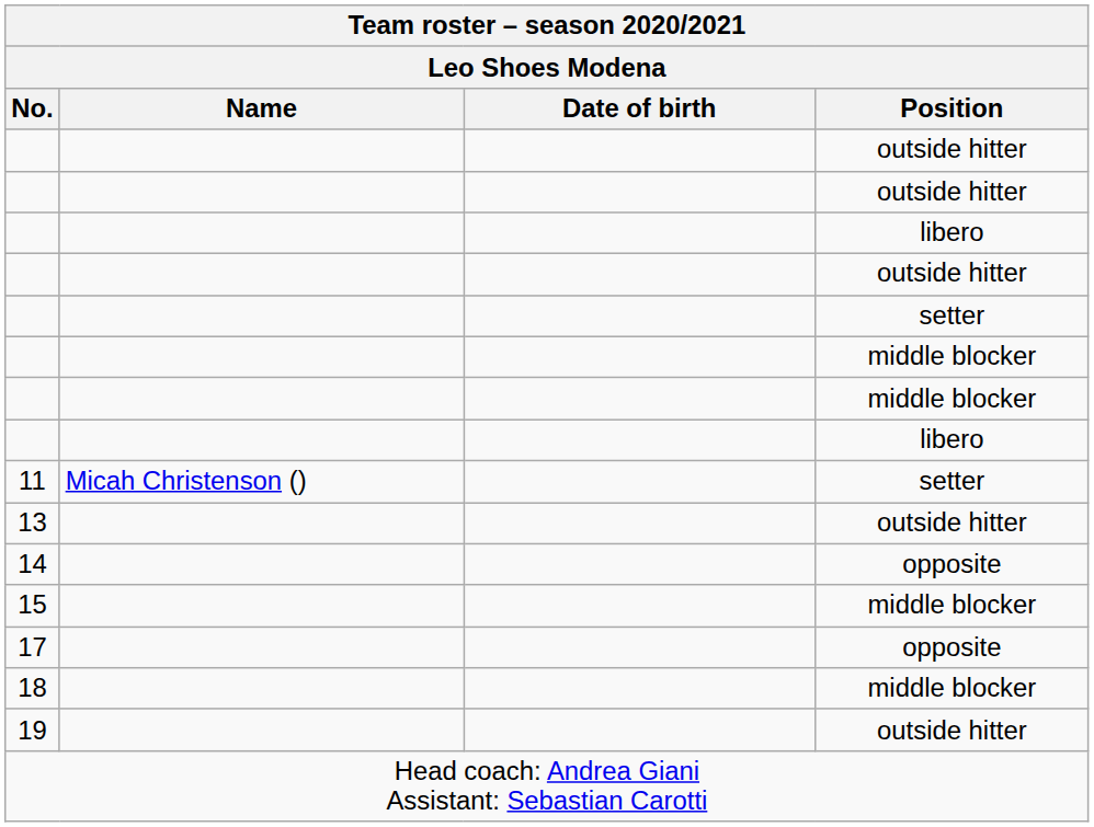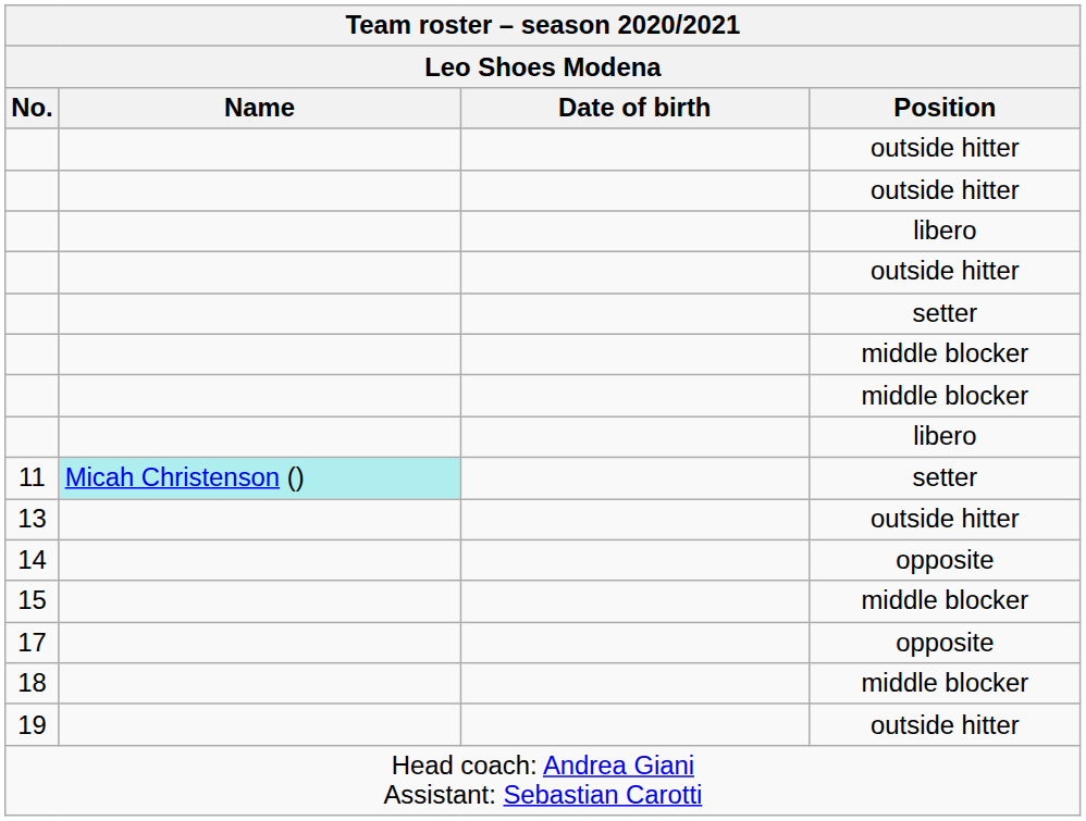 <table class="wikitable collapsible collapsed sortable" style="font-size:100%; text-align:center;">
 <tr>
 <th colspan=6>Team roster – season 2020/2021</th>
 </tr>
 <tr>
 <th colspan=6>Leo Shoes Modena</th>
 </tr>
 <tr>
 <th>No.</th>
 <th style="width:15em">Name</th>
 <th style="width:13em">Date of birth</th>
 <th style="width:10em">Position</th>
 </tr>
 <tr>
 <td></td>
 <td align=left> </td>
 <td align=right></td>
 <td>outside hitter</td>
 </tr>
 <tr>
 <td></td>
 <td align=left> </td>
 <td align=right></td>
 <td>outside hitter</td>
 </tr>
 <tr>
 <td></td>
 <td align=left> </td>
 <td align=right></td>
 <td>libero</td>
 </tr>
 <tr>
 <td></td>
 <td align=left> </td>
 <td align=right></td>
 <td>outside hitter</td>
 </tr>
 <tr>
 <td></td>
 <td align=left> </td>
 <td align=right></td>
 <td>setter</td>
 </tr>
 <tr>
 <td></td>
 <td align=left> </td>
 <td align=right></td>
 <td>middle blocker</td>
 </tr>
 <tr>
 <td></td>
 <td align=left> </td>
 <td align=right></td>
 <td>middle blocker</td>
 </tr>
 <tr>
 <td></td>
 <td align=left> </td>
 <td align=right></td>
 <td>libero</td>
 </tr>
 <tr>
 <td>11</td>
-<td align=left> <a href='#'>Micah Christenson</a> ()</td>
+<td align=left style="background: paleturquoise;"> <a href='#'>Micah Christenson</a> ()</td>
 <td align=right></td>
 <td>setter</td>
 </tr>
 <tr>
 <td>13</td>
 <td align=left> </td>
 <td align=right></td>
 <td>outside hitter</td>
 </tr>
 <tr>
 <td>14</td>
 <td align=left> </td>
 <td align=right></td>
 <td>opposite</td>
 </tr>
 <tr>
 <td>15</td>
 <td align=left> </td>
 <td align=right></td>
 <td>middle blocker</td>
 </tr>
 <tr>
 <td>17</td>
 <td align=left> </td>
 <td align=right></td>
 <td>opposite</td>
 </tr>
 <tr>
 <td>18</td>
 <td align=left> </td>
 <td align=right></td>
 <td>middle blocker</td>
 </tr>
 <tr>
 <td>19</td>
 <td align=left> </td>
 <td align=right></td>
 <td>outside hitter</td>
 </tr>
 <tr>
 <td colspan=4>Head coach:  <a href='#'>Andrea Giani</a><br>Assistant: <a href='#'>Sebastian Carotti</a></td>
 </tr>
 </table>
